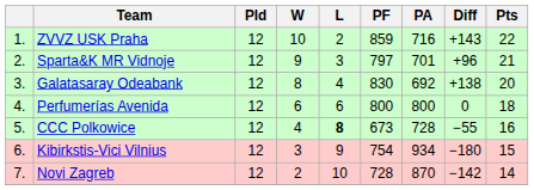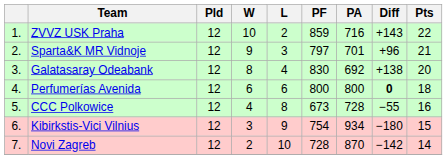 <table class="wikitable" style="text-align:center">
 <tr>
 <th width=25></th>
 <th width=220>Team</th>
 <th width=40>Pld</th>
 <th width=40>W</th>
 <th width=40>L</th>
 <th width=40>PF</th>
 <th width=40>PA</th>
 <th width=40>Diff</th>
 <th width=40>Pts</th>
 </tr>
 <tr style="background:#ccffcc;">
 <td>1.</td>
 <td align=left> <a href='#'>ZVVZ USK Praha</a></td>
 <td>12</td>
 <td>10</td>
 <td>2</td>
 <td>859</td>
 <td>716</td>
 <td>+143</td>
 <td>22</td>
 </tr>
 <tr style="background:#ccffcc;">
 <td>2.</td>
 <td align=left> <a href='#'>Sparta&K MR Vidnoje</a></td>
 <td>12</td>
 <td>9</td>
 <td>3</td>
 <td>797</td>
 <td>701</td>
 <td>+96</td>
 <td>21</td>
 </tr>
 <tr style="background:#ccffcc;">
 <td>3.</td>
 <td align=left> <a href='#'>Galatasaray Odeabank</a></td>
 <td>12</td>
 <td>8</td>
 <td>4</td>
 <td>830</td>
 <td>692</td>
 <td>+138</td>
 <td>20</td>
 </tr>
 <tr style="background:#ccffcc;">
 <td>4.</td>
 <td align=left> <a href='#'>Perfumerías Avenida</a></td>
 <td>12</td>
 <td>6</td>
 <td>6</td>
 <td>800</td>
 <td>800</td>
-<td>0</td>
+<td><strong>0</strong></td>
 <td>18</td>
 </tr>
 <tr style="background:#ccffcc;">
 <td>5.</td>
 <td align=left> <a href='#'>CCC Polkowice</a></td>
 <td>12</td>
 <td>4</td>
-<td><strong>8</strong></td>
+<td>8</td>
 <td>673</td>
 <td>728</td>
 <td>−55</td>
 <td>16</td>
 </tr>
 <tr style="background:#ffcccc;">
 <td>6.</td>
 <td align=left> <a href='#'>Kibirkstis-Vici Vilnius</a></td>
 <td>12</td>
 <td>3</td>
 <td>9</td>
 <td>754</td>
 <td>934</td>
 <td>−180</td>
 <td>15</td>
 </tr>
 <tr style="background:#ffcccc;">
 <td>7.</td>
 <td align=left> <a href='#'>Novi Zagreb</a></td>
 <td>12</td>
 <td>2</td>
 <td>10</td>
 <td>728</td>
 <td>870</td>
 <td>−142</td>
 <td>14</td>
 </tr>
 <tr>
 </tr>
 </table>
